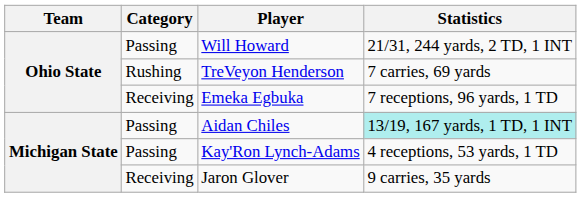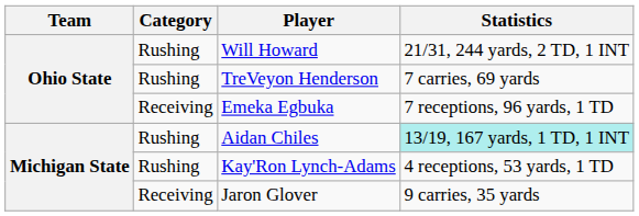 <table class="wikitable" style="float:right">
 <tr>
 <th>Team</th>
 <th>Category</th>
 <th>Player</th>
 <th>Statistics</th>
 </tr>
 <tr>
 <th rowspan=3>Ohio State</th>
-<td>Passing</td>
+<td>Rushing</td>
 <td><a href='#'>Will Howard</a></td>
 <td>21/31, 244 yards, 2 TD, 1 INT</td>
 </tr>
 <tr>
 <td>Rushing</td>
 <td><a href='#'>TreVeyon Henderson</a></td>
 <td>7 carries, 69 yards</td>
 </tr>
 <tr>
 <td>Receiving</td>
 <td><a href='#'>Emeka Egbuka</a></td>
 <td>7 receptions, 96 yards, 1 TD</td>
 </tr>
 <tr>
 <th rowspan=3>Michigan State</th>
-<td>Passing</td>
+<td>Rushing</td>
 <td><a href='#'>Aidan Chiles</a></td>
 <td style="background: paleturquoise;">13/19, 167 yards, 1 TD, 1 INT</td>
 </tr>
 <tr>
-<td>Passing</td>
+<td>Rushing</td>
 <td><a href='#'>Kay'Ron Lynch-Adams</a></td>
 <td>4 receptions, 53 yards, 1 TD</td>
 </tr>
 <tr>
 <td>Receiving</td>
 <td>Jaron Glover</td>
 <td>9 carries, 35 yards</td>
 </tr>
 </table>
